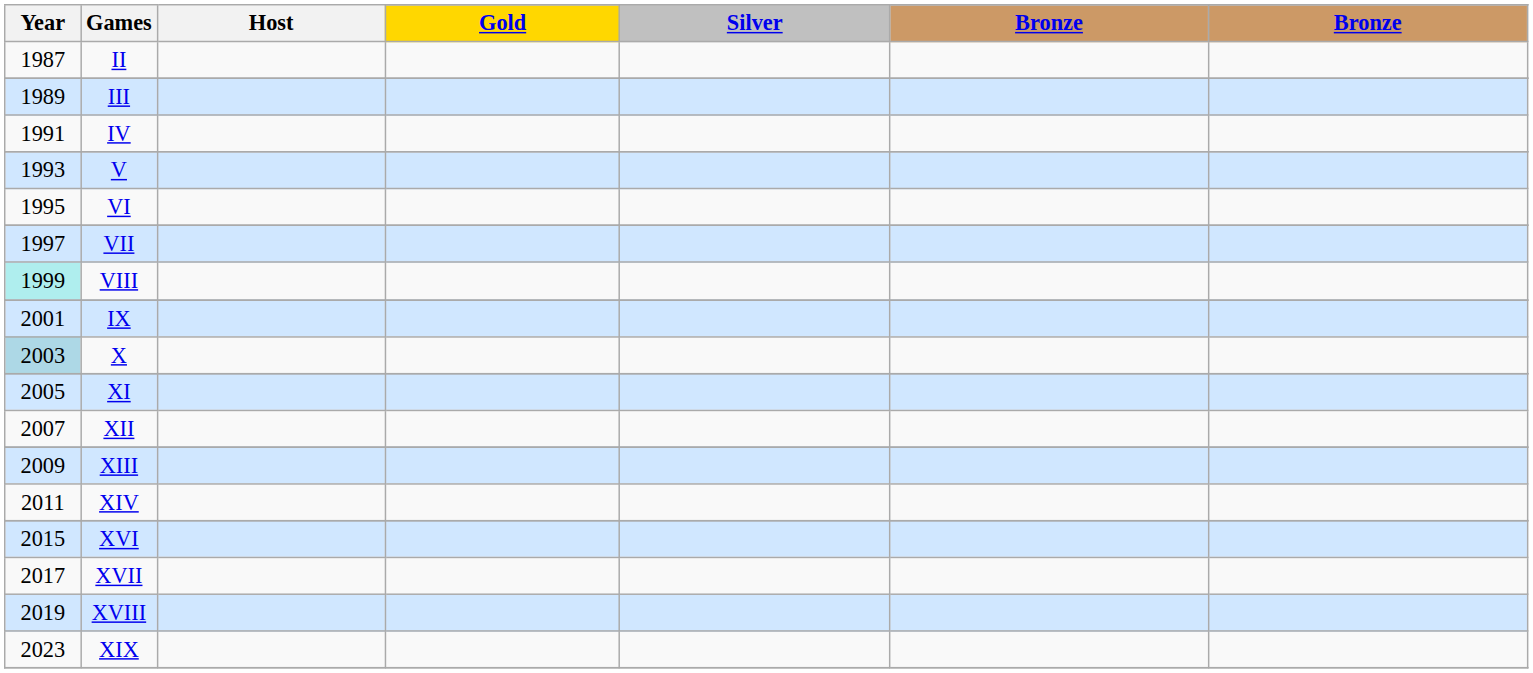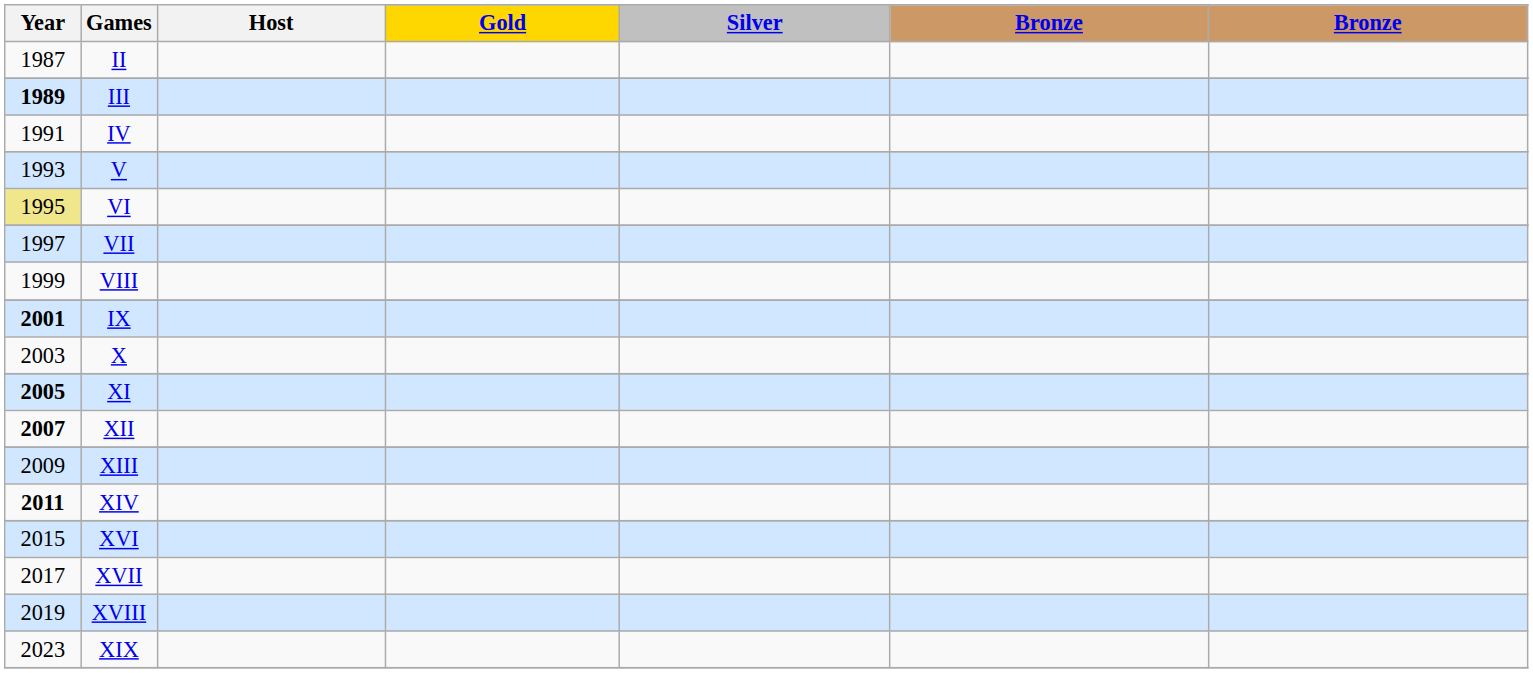 <table class="wikitable" style="text-align: center; font-size:95%;">
 <tr>
 <th rowspan="2" style="width:5%;">Year</th>
 <th rowspan="2" style="width:5%;">Games</th>
 <th rowspan="2" style="width:15%;">Host</th>
 </tr>
 <tr>
 <th style="background-color: gold"><a href='#'>Gold</a></th>
 <th style="background-color: silver"><a href='#'>Silver</a></th>
 <th style="background-color: #CC9966"><a href='#'>Bronze</a></th>
 <th style="background-color: #CC9966"><a href='#'>Bronze</a></th>
 </tr>
 <tr>
 <td>1987</td>
 <td align=center><a href='#'>II</a></td>
 <td align="left"></td>
 <td align="left"></td>
 <td align="left"></td>
 <td align="left"></td>
 <td></td>
 </tr>
 <tr>
 </tr>
 <tr style="text-align:center; background:#d0e7ff;">
-<td>1989</td>
+<td><strong>1989</strong></td>
 <td align=center><a href='#'>III</a></td>
 <td align="left"></td>
 <td align="left"></td>
 <td align="left"></td>
 <td align="left"></td>
 <td></td>
 </tr>
 <tr>
 <td>1991</td>
 <td align=center><a href='#'>IV</a></td>
 <td align="left"></td>
 <td align="left"></td>
 <td align="left"></td>
 <td align="left"></td>
 <td></td>
 </tr>
 <tr>
 </tr>
 <tr style="text-align:center; background:#d0e7ff;">
 <td>1993</td>
 <td align=center><a href='#'>V</a></td>
 <td align="left"></td>
 <td align="left"></td>
 <td align="left"></td>
 <td align="left"></td>
 <td></td>
 </tr>
 <tr>
-<td>1995</td>
+<td style="background: khaki;">1995</td>
 <td align=center><a href='#'>VI</a></td>
 <td align="left"></td>
 <td align="left"></td>
 <td align="left"></td>
 <td align="left"></td>
 <td align="left"></td>
 </tr>
 <tr>
 </tr>
 <tr style="text-align:center; background:#d0e7ff;">
 <td>1997</td>
 <td align=center><a href='#'>VII</a></td>
 <td align="left"></td>
 <td align="left"></td>
 <td align="left"></td>
 <td align="left"></td>
 <td align="left"></td>
 </tr>
 <tr>
-<td style="background: paleturquoise;">1999</td>
+<td>1999</td>
 <td align=center><a href='#'>VIII</a></td>
 <td align="left"></td>
 <td align="left"></td>
 <td align="left"></td>
 <td align="left"></td>
 <td align="left"></td>
 </tr>
 <tr>
 </tr>
 <tr style="text-align:center; background:#d0e7ff;">
-<td>2001</td>
+<td><strong>2001</strong></td>
 <td align=center><a href='#'>IX</a></td>
 <td align="left"></td>
 <td align="left"></td>
 <td align="left"></td>
 <td align="left"></td>
 <td align="left"></td>
 </tr>
 <tr>
-<td style="background: lightblue;">2003</td>
+<td>2003</td>
 <td align=center><a href='#'>X</a></td>
 <td align="left"></td>
 <td align="left"></td>
 <td align="left"></td>
 <td align="left"></td>
 <td align="left"></td>
 </tr>
 <tr>
 </tr>
 <tr style="text-align:center; background:#d0e7ff;">
-<td>2005</td>
+<td><strong>2005</strong></td>
 <td align=center><a href='#'>XI</a></td>
 <td align="left"></td>
 <td align="left"></td>
 <td align="left"></td>
 <td align="left"></td>
 <td align="left"></td>
 </tr>
 <tr>
-<td>2007</td>
+<td><strong>2007</strong></td>
 <td align=center><a href='#'>XII</a></td>
 <td align="left"></td>
 <td align="left"> </td>
 <td align="left"></td>
 <td align="left"> </td>
 <td align="left"></td>
 </tr>
 <tr>
 </tr>
 <tr style="text-align:center; background:#d0e7ff;">
 <td>2009</td>
 <td align=center><a href='#'>XIII</a></td>
 <td align="left"></td>
 <td align="left"></td>
 <td align="left"></td>
 <td align="left"></td>
 <td align="left"></td>
 </tr>
 <tr>
-<td>2011</td>
+<td><strong>2011</strong></td>
 <td align=center><a href='#'>XIV</a></td>
 <td align="left"></td>
 <td align="left"></td>
 <td align="left"></td>
 <td align="left"></td>
 <td align="left"></td>
 </tr>
 <tr>
 </tr>
 <tr style="text-align:center; background:#d0e7ff;">
 <td>2015</td>
 <td align=center><a href='#'>XVI</a></td>
 <td align="left"></td>
 <td align="left"> </td>
 <td align="left"></td>
 <td align="left"></td>
 <td></td>
 </tr>
 <tr>
 <td>2017</td>
 <td align=center><a href='#'>XVII</a></td>
 <td align="left"></td>
 <td align="left"></td>
 <td align="left"></td>
 <td align="left"></td>
 <td align="left"></td>
 </tr>
 <tr style="text-align:center; background:#d0e7ff;">
 <td>2019</td>
 <td align=center><a href='#'>XVIII</a></td>
 <td align="left"></td>
 <td align="left"></td>
 <td align="left"></td>
 <td align="left"></td>
 <td align="left"></td>
 </tr>
 <tr>
 <td>2023</td>
 <td align=center><a href='#'>XIX</a></td>
 <td align="left"></td>
 <td align="left"></td>
 <td align="left"></td>
 <td align="left"></td>
 <td align="left"></td>
 </tr>
 <tr>
 </tr>
 </table>
